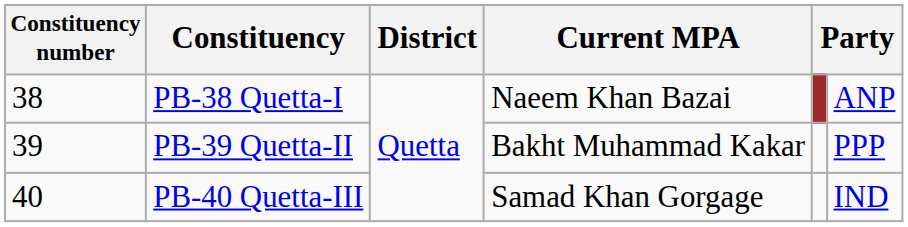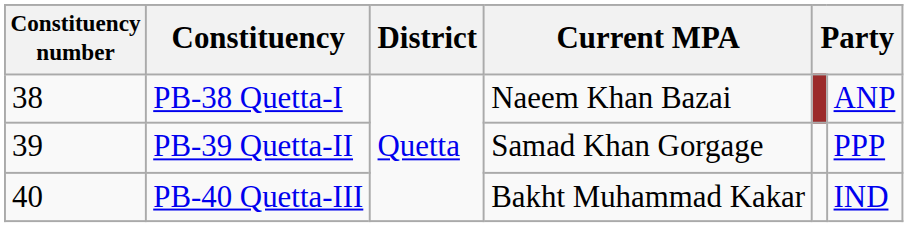 <table class="wikitable">
 <tr>
 <th width="50px" style="font-size:75%">Constituency number</th>
 <th>Constituency</th>
 <th>District</th>
 <th>Current MPA</th>
 <th colspan="2">Party</th>
 </tr>
 <tr>
 <td>38</td>
 <td><a href='#'>PB-38 Quetta-I</a></td>
 <td rowspan="3"><a href='#'>Quetta</a></td>
 <td>Naeem Khan Bazai</td>
 <td bgcolor="#9b2b2b"></td>
 <td><a href='#'>ANP</a></td>
 </tr>
 <tr>
 <td>39</td>
 <td><a href='#'>PB-39 Quetta-II</a></td>
-<td>Bakht Muhammad Kakar</td>
+<td>Samad Khan Gorgage</td>
 <td></td>
 <td><a href='#'>PPP</a></td>
 </tr>
 <tr>
 <td>40</td>
 <td><a href='#'>PB-40 Quetta-III</a></td>
-<td>Samad Khan Gorgage</td>
+<td>Bakht Muhammad Kakar</td>
 <td></td>
 <td><a href='#'>IND</a></td>
 </tr>
 </table>
